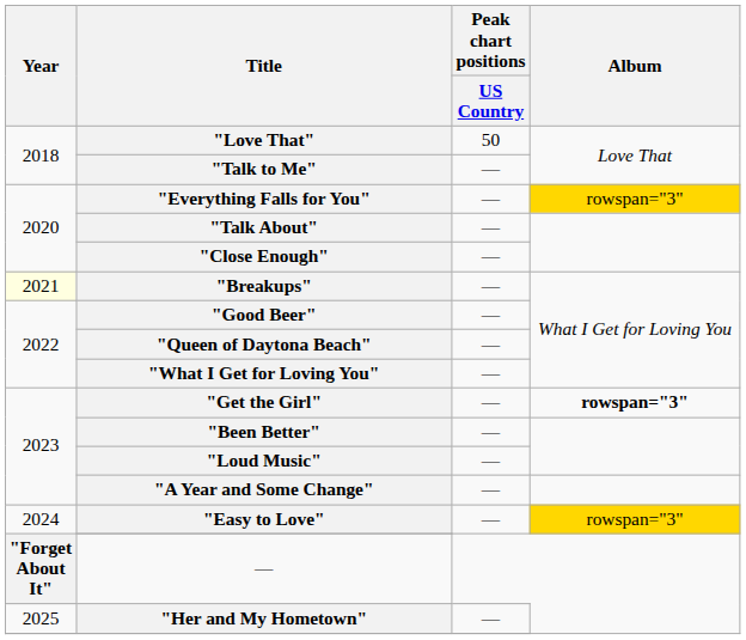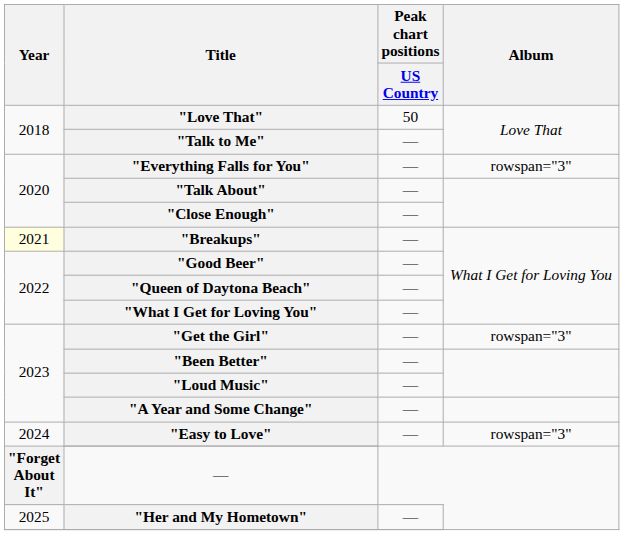 <table class="wikitable plainrowheaders" style="text-align:center;">
 <tr>
 <th scope="col" rowspan="2" style="width:1em;">Year</th>
 <th scope="col" rowspan="2" style="width:20em;">Title</th>
 <th scope="col">Peak chart positions</th>
 <th scope="col" rowspan="2" style="width:11em;">Album</th>
 </tr>
 <tr>
 <th style="width:45px;"><a href='#'>US Country</a><br></th>
 </tr>
 <tr>
 <td rowspan="2">2018</td>
 <th scope="row">"Love That"</th>
 <td>50</td>
 <td rowspan="2"><em>Love That</em></td>
 </tr>
 <tr>
 <th scope="row">"Talk to Me"</th>
 <td>—</td>
 </tr>
 <tr>
 <td rowspan="3">2020</td>
 <th scope="row">"Everything Falls for You"</th>
 <td>—</td>
-<td style="background: gold;">rowspan="3" </td>
+<td>rowspan="3" </td>
 </tr>
 <tr>
 <th scope="row">"Talk About"</th>
 <td>—</td>
 </tr>
 <tr>
 <th scope="row">"Close Enough"</th>
 <td>—</td>
 </tr>
 <tr>
 <td style="background: lightyellow;">2021</td>
 <th scope="row">"Breakups"</th>
 <td>—</td>
 <td rowspan="4"><em>What I Get for Loving You</em></td>
 </tr>
 <tr>
 <td rowspan="3">2022</td>
 <th scope="row">"Good Beer"<br></th>
 <td>—</td>
 </tr>
 <tr>
 <th scope="row">"Queen of Daytona Beach"<br></th>
 <td>—</td>
 </tr>
 <tr>
 <th scope="row">"What I Get for Loving You"</th>
 <td>—</td>
 </tr>
 <tr>
 <td rowspan="4">2023</td>
 <th scope="row">"Get the Girl"</th>
 <td>—</td>
-<td><strong>rowspan="3" </strong></td>
+<td>rowspan="3" </td>
 </tr>
 <tr>
 <th scope="row">"Been Better"</th>
 <td>—</td>
 </tr>
 <tr>
 <th scope="row">"Loud Music"</th>
 <td>—</td>
 </tr>
 <tr>
 <th scope="row">"A Year and Some Change"</th>
 <td>—</td>
 <td></td>
 </tr>
 <tr>
 <td rowspan="2">2024</td>
 <th scope="row">"Easy to Love"</th>
 <td>—</td>
-<td style="background: gold;">rowspan="3" </td>
+<td>rowspan="3" </td>
 </tr>
 <tr>
 </tr>
 <tr>
 <th scope="row">"Forget About It"</th>
 <td>—</td>
 </tr>
 <tr>
 <td rowspan="1">2025</td>
 <th scope="row">"Her and My Hometown"</th>
 <td>—</td>
 </tr>
 <tr>
 </tr>
 <tr>
 </tr>
 </table>
